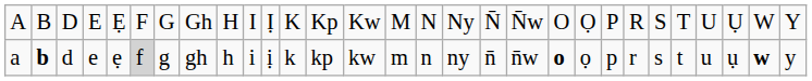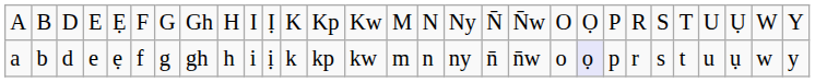 <table class=wikitable>
 <tr>
 <td>A</td>
 <td>B</td>
 <td>D</td>
 <td>E</td>
 <td>Ẹ</td>
 <td>F</td>
 <td>G</td>
 <td>Gh</td>
 <td>H</td>
 <td>I</td>
 <td>Ị</td>
 <td>K</td>
 <td>Kp</td>
 <td>Kw</td>
 <td>M</td>
 <td>N</td>
 <td>Ny</td>
 <td>N̄</td>
 <td>N̄w</td>
 <td>O</td>
 <td>Ọ</td>
 <td>P</td>
 <td>R</td>
 <td>S</td>
 <td>T</td>
 <td>U</td>
 <td>Ụ</td>
 <td>W</td>
 <td>Y</td>
 </tr>
 <tr>
 <td>a</td>
-<td><strong>b</strong></td>
+<td>b</td>
 <td>d</td>
 <td>e</td>
 <td>ẹ</td>
-<td style="background: lightgrey;">f</td>
+<td>f</td>
 <td>g</td>
 <td>gh</td>
 <td>h</td>
 <td>i</td>
 <td>ị</td>
 <td>k</td>
 <td>kp</td>
 <td>kw</td>
 <td>m</td>
 <td>n</td>
 <td>ny</td>
 <td>n̄</td>
 <td>n̄w</td>
-<td><strong>o</strong></td>
-<td>ọ</td>
+<td>o</td>
+<td style="background: lavender;">ọ</td>
 <td>p</td>
 <td>r</td>
 <td>s</td>
 <td>t</td>
 <td>u</td>
 <td>ụ</td>
-<td><strong>w</strong></td>
+<td>w</td>
 <td>y</td>
 </tr>
 </table>
